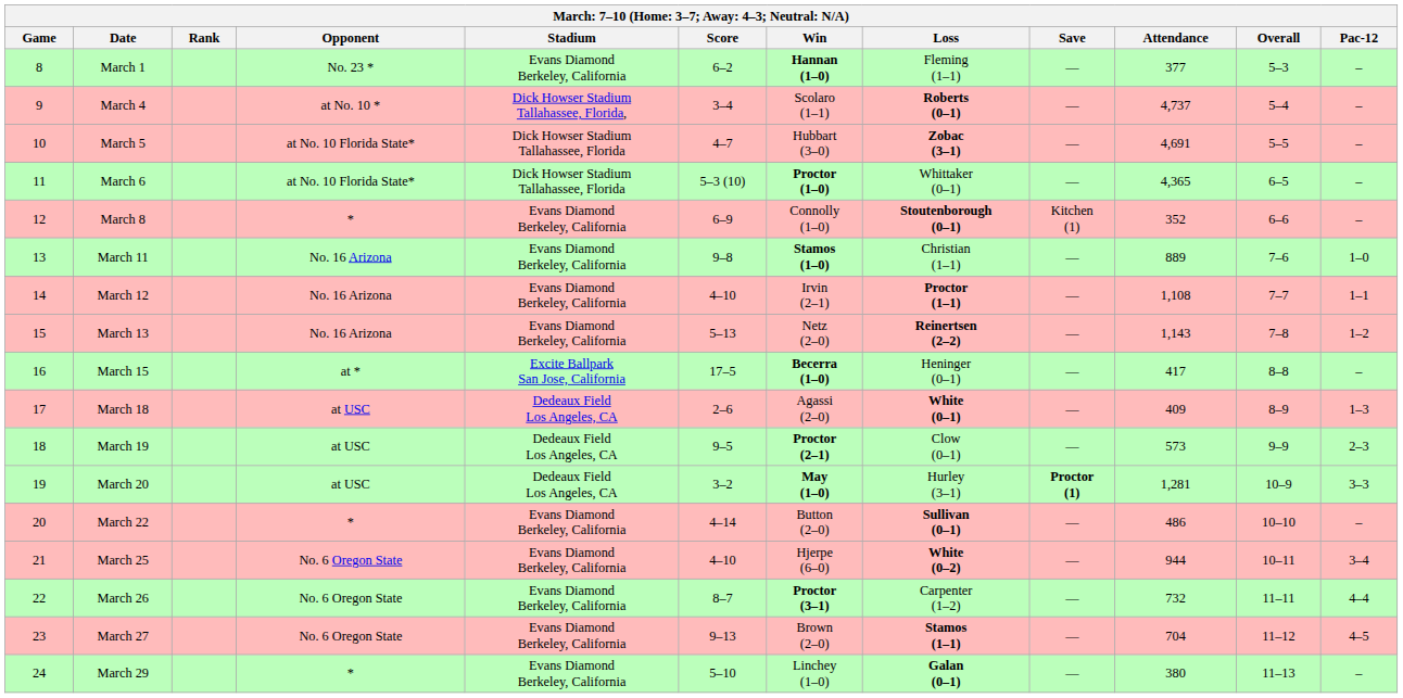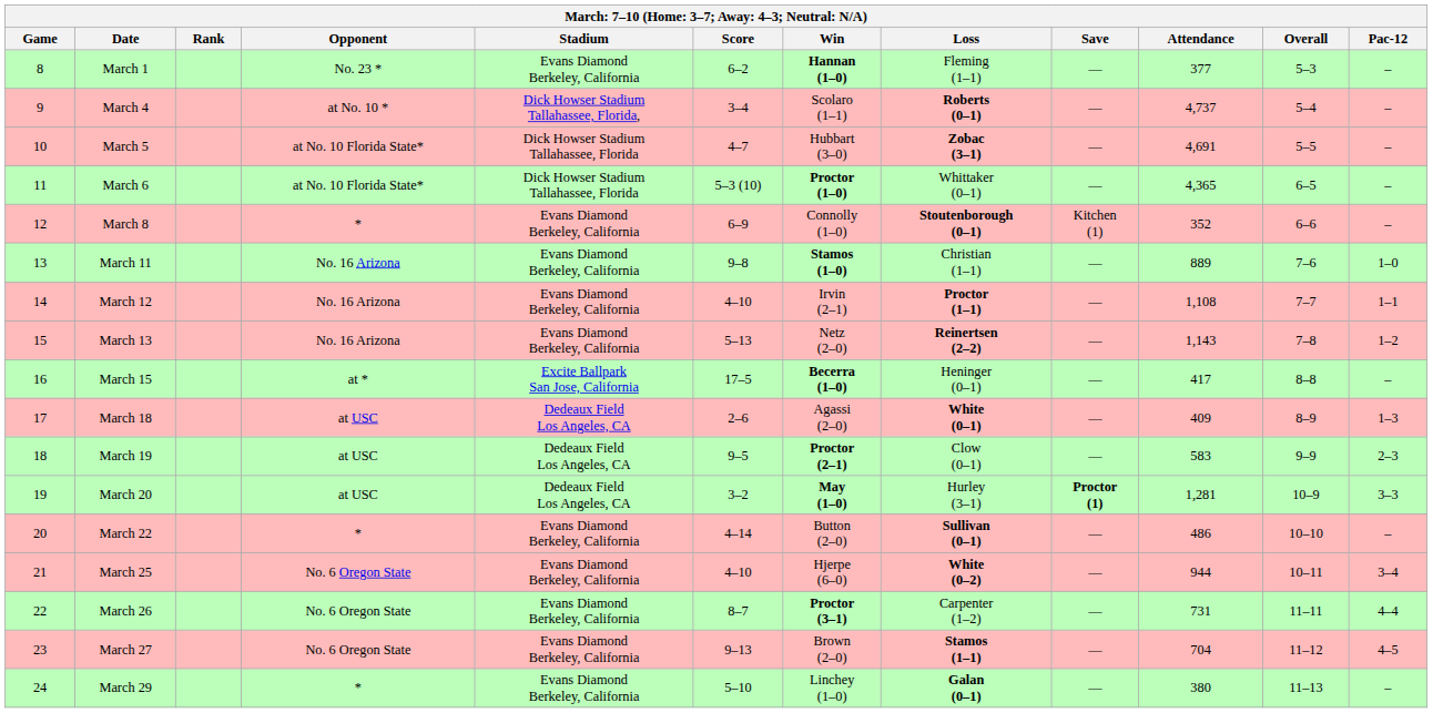 <table class="wikitable collapsible collapsed" style="margin:auto; width:100%; text-align:center; font-size:95%">
 <tr>
 <th colspan=12>March: 7–10 (Home: 3–7; Away: 4–3; Neutral: N/A)</th>
 </tr>
 <tr>
 <th>Game</th>
 <th>Date</th>
 <th>Rank</th>
 <th>Opponent</th>
 <th>Stadium</th>
 <th>Score</th>
 <th>Win</th>
 <th>Loss</th>
 <th>Save</th>
 <th>Attendance</th>
 <th>Overall</th>
 <th>Pac-12</th>
 </tr>
 <tr style="background:#bfb;">
 <td>8</td>
 <td>March 1</td>
 <td></td>
 <td>No. 23 *</td>
 <td>Evans Diamond<br>Berkeley, California</td>
 <td>6–2</td>
 <td><strong>Hannan<br>(1–0)</strong></td>
 <td>Fleming<br>(1–1)</td>
 <td>—</td>
 <td>377</td>
 <td>5–3</td>
 <td>–</td>
 </tr>
 <tr style="background:#fbb;">
 <td>9</td>
 <td>March 4</td>
 <td></td>
 <td>at No. 10 *</td>
 <td><a href='#'>Dick Howser Stadium</a><br><a href='#'>Tallahassee, Florida</a>,</td>
 <td>3–4</td>
 <td>Scolaro<br>(1–1)</td>
 <td><strong>Roberts<br>(0–1)</strong></td>
 <td>—</td>
 <td>4,737</td>
 <td>5–4</td>
 <td>–</td>
 </tr>
 <tr style="background:#fbb;">
 <td>10</td>
 <td>March 5</td>
 <td></td>
 <td>at No. 10 Florida State*</td>
 <td>Dick Howser Stadium<br>Tallahassee, Florida</td>
 <td>4–7</td>
 <td>Hubbart<br>(3–0)</td>
 <td><strong>Zobac<br>(3–1)</strong></td>
 <td>—</td>
 <td>4,691</td>
 <td>5–5</td>
 <td>–</td>
 </tr>
 <tr style="background:#bfb;">
 <td>11</td>
 <td>March 6</td>
 <td></td>
 <td>at No. 10 Florida State*</td>
 <td>Dick Howser Stadium<br>Tallahassee, Florida</td>
 <td>5–3 (10)</td>
 <td><strong>Proctor<br>(1–0)</strong></td>
 <td>Whittaker<br>(0–1)</td>
 <td>—</td>
 <td>4,365</td>
 <td>6–5</td>
 <td>–</td>
 </tr>
 <tr style="background:#fbb;">
 <td>12</td>
 <td>March 8</td>
 <td></td>
 <td>*</td>
 <td>Evans Diamond<br>Berkeley, California</td>
 <td>6–9</td>
 <td>Connolly<br>(1–0)</td>
 <td><strong>Stoutenborough<br>(0–1)</strong></td>
 <td>Kitchen<br>(1)</td>
 <td>352</td>
 <td>6–6</td>
 <td>–</td>
 </tr>
 <tr style="background:#bfb;">
 <td>13</td>
 <td>March 11</td>
 <td></td>
 <td>No. 16 <a href='#'>Arizona</a></td>
 <td>Evans Diamond<br>Berkeley, California</td>
 <td>9–8</td>
 <td><strong>Stamos<br>(1–0)</strong></td>
 <td>Christian<br>(1–1)</td>
 <td>—</td>
 <td>889</td>
 <td>7–6</td>
 <td>1–0</td>
 </tr>
 <tr style="background:#fbb;">
 <td>14</td>
 <td>March 12</td>
 <td></td>
 <td>No. 16 Arizona</td>
 <td>Evans Diamond<br>Berkeley, California</td>
 <td>4–10</td>
 <td>Irvin<br>(2–1)</td>
 <td><strong>Proctor<br>(1–1)</strong></td>
 <td>—</td>
 <td>1,108</td>
 <td>7–7</td>
 <td>1–1</td>
 </tr>
 <tr style="background:#fbb;">
 <td>15</td>
 <td>March 13</td>
 <td></td>
 <td>No. 16 Arizona</td>
 <td>Evans Diamond<br>Berkeley, California</td>
 <td>5–13</td>
 <td>Netz<br>(2–0)</td>
 <td><strong>Reinertsen<br>(2–2)</strong></td>
 <td>—</td>
 <td>1,143</td>
 <td>7–8</td>
 <td>1–2</td>
 </tr>
 <tr style="background:#bfb;">
 <td>16</td>
 <td>March 15</td>
 <td></td>
 <td>at *</td>
 <td><a href='#'>Excite Ballpark</a><br><a href='#'>San Jose, California</a></td>
 <td>17–5</td>
 <td><strong>Becerra<br>(1–0)</strong></td>
 <td>Heninger<br>(0–1)</td>
 <td>—</td>
 <td>417</td>
 <td>8–8</td>
 <td>–</td>
 </tr>
 <tr style="background:#fbb;">
 <td>17</td>
 <td>March 18</td>
 <td></td>
 <td>at <a href='#'>USC</a></td>
 <td><a href='#'>Dedeaux Field</a><br><a href='#'>Los Angeles, CA</a></td>
 <td>2–6</td>
 <td>Agassi<br>(2–0)</td>
 <td><strong>White<br>(0–1)</strong></td>
 <td>—</td>
 <td>409</td>
 <td>8–9</td>
 <td>1–3</td>
 </tr>
 <tr style="background:#bfb;">
 <td>18</td>
 <td>March 19</td>
 <td></td>
 <td>at USC</td>
 <td>Dedeaux Field<br>Los Angeles, CA</td>
 <td>9–5</td>
 <td><strong>Proctor<br>(2–1)</strong></td>
 <td>Clow<br>(0–1)</td>
 <td>—</td>
-<td>573</td>
+<td>583</td>
 <td>9–9</td>
 <td>2–3</td>
 </tr>
 <tr style="background:#bfb;">
 <td>19</td>
 <td>March 20</td>
 <td></td>
 <td>at USC</td>
 <td>Dedeaux Field<br>Los Angeles, CA</td>
 <td>3–2</td>
 <td><strong>May<br>(1–0)</strong></td>
 <td>Hurley<br>(3–1)</td>
 <td><strong>Proctor<br>(1)</strong></td>
 <td>1,281</td>
 <td>10–9</td>
 <td>3–3</td>
 </tr>
 <tr style="background:#fbb;">
 <td>20</td>
 <td>March 22</td>
 <td></td>
 <td>*</td>
 <td>Evans Diamond<br>Berkeley, California</td>
 <td>4–14</td>
 <td>Button<br>(2–0)</td>
 <td><strong>Sullivan<br>(0–1)</strong></td>
 <td>—</td>
 <td>486</td>
 <td>10–10</td>
 <td>–</td>
 </tr>
 <tr style="background:#fbb;">
 <td>21</td>
 <td>March 25</td>
 <td></td>
 <td>No. 6 <a href='#'>Oregon State</a></td>
 <td>Evans Diamond<br>Berkeley, California</td>
 <td>4–10</td>
 <td>Hjerpe<br>(6–0)</td>
 <td><strong>White<br>(0–2)</strong></td>
 <td>—</td>
 <td>944</td>
 <td>10–11</td>
 <td>3–4</td>
 </tr>
 <tr style="background:#bfb;">
 <td>22</td>
 <td>March 26</td>
 <td></td>
 <td>No. 6 Oregon State</td>
 <td>Evans Diamond<br>Berkeley, California</td>
 <td>8–7</td>
 <td><strong>Proctor<br>(3–1)</strong></td>
 <td>Carpenter<br>(1–2)</td>
 <td>—</td>
-<td>732</td>
+<td>731</td>
 <td>11–11</td>
 <td>4–4</td>
 </tr>
 <tr style="background:#fbb;">
 <td>23</td>
 <td>March 27</td>
 <td></td>
 <td>No. 6 Oregon State</td>
 <td>Evans Diamond<br>Berkeley, California</td>
 <td>9–13</td>
 <td>Brown<br>(2–0)</td>
 <td><strong>Stamos<br>(1–1)</strong></td>
 <td>—</td>
 <td>704</td>
 <td>11–12</td>
 <td>4–5</td>
 </tr>
 <tr style="background:#bfb;">
 <td>24</td>
 <td>March 29</td>
 <td></td>
 <td>*</td>
 <td>Evans Diamond<br>Berkeley, California</td>
 <td>5–10</td>
 <td>Linchey<br>(1–0)</td>
 <td><strong>Galan<br>(0–1)</strong></td>
 <td>—</td>
 <td>380</td>
 <td>11–13</td>
 <td>–</td>
 </tr>
 </table>
